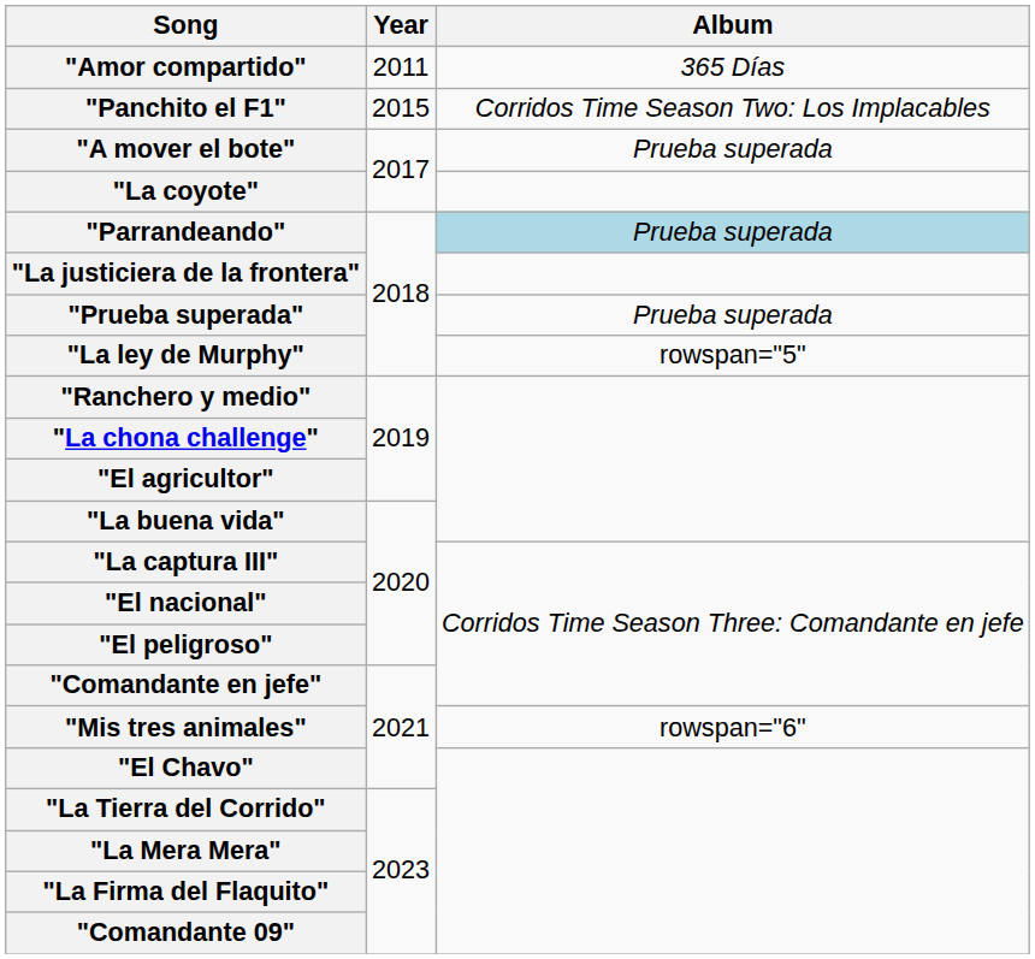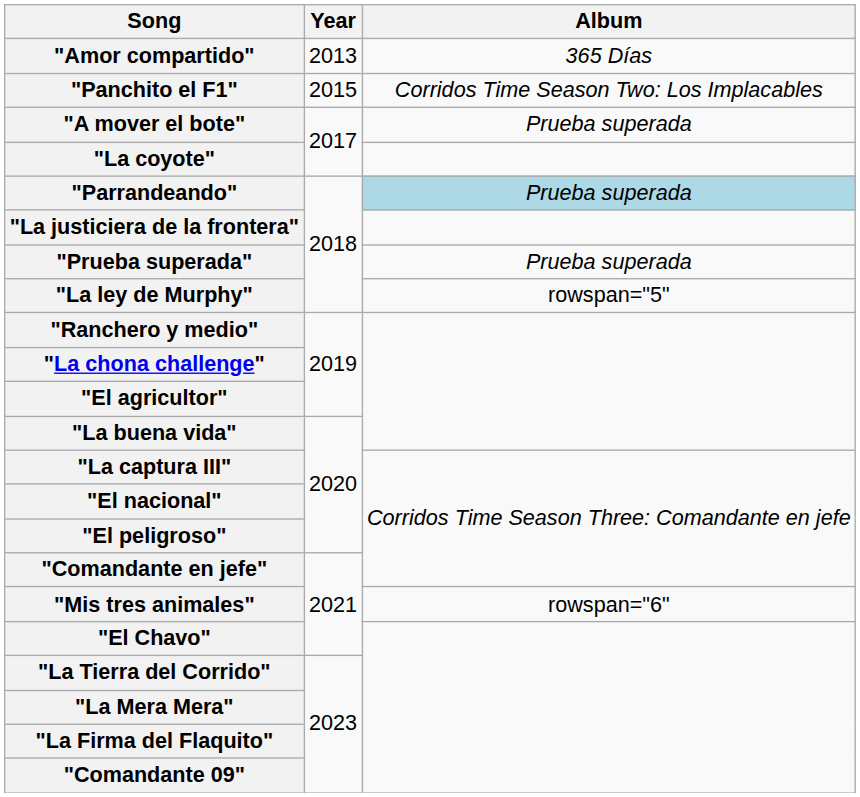 <table class="wikitable plainrowheaders" style="text-align:center;">
 <tr>
 <th scope="col">Song</th>
 <th scope="col">Year</th>
 <th scope="col">Album</th>
 </tr>
 <tr>
 <th scope="row">"Amor compartido"</th>
-<td>2011</td>
+<td>2013</td>
 <td><em>365 Días</em></td>
 </tr>
 <tr>
 <th scope="row">"Panchito el F1"</th>
 <td>2015</td>
 <td><em>Corridos Time Season Two: Los Implacables</em></td>
 </tr>
 <tr>
 <th scope="row">"A mover el bote"</th>
 <td rowspan="2">2017</td>
 <td><em>Prueba superada</em></td>
 </tr>
 <tr>
 <th scope="row">"La coyote"</th>
 <td></td>
 </tr>
 <tr>
 <th scope="row">"Parrandeando"</th>
 <td rowspan="4">2018</td>
 <td style="background: lightblue;"><em>Prueba superada</em></td>
 </tr>
 <tr>
 <th scope="row">"La justiciera de la frontera"</th>
 <td></td>
 </tr>
 <tr>
 <th scope="row">"Prueba superada"</th>
 <td><em>Prueba superada</em></td>
 </tr>
 <tr>
 <th scope="row">"La ley de Murphy"</th>
 <td>rowspan="5" </td>
 </tr>
 <tr>
 <th scope="row">"Ranchero y medio"</th>
 <td rowspan="3">2019</td>
 </tr>
 <tr>
 <th scope="row">"<a href='#'>La chona challenge</a>"</th>
 </tr>
 <tr>
 <th scope="row">"El agricultor"<br></th>
 </tr>
 <tr>
 <th scope="row">"La buena vida"</th>
 <td rowspan="4">2020</td>
 </tr>
 <tr>
 <th scope="row">"La captura III"</th>
 <td rowspan="4"><em>Corridos Time Season Three: Comandante en jefe</em></td>
 </tr>
 <tr>
 <th scope="row">"El nacional"</th>
 </tr>
 <tr>
 <th scope="row">"El peligroso"</th>
 </tr>
 <tr>
 <th scope="row">"Comandante en jefe"</th>
 <td rowspan="3">2021</td>
 </tr>
 <tr>
 <th scope="row">"Mis tres animales"<br></th>
 <td>rowspan="6" </td>
 </tr>
 <tr>
 <th scope="row">"El Chavo"<br></th>
 </tr>
 <tr>
 <th scope="row">"La Tierra del Corrido"<br></th>
 <td rowspan="4">2023</td>
 </tr>
 <tr>
 <th scope="row">"La Mera Mera"<br></th>
 </tr>
 <tr>
 <th scope="row">"La Firma del Flaquito"</th>
 </tr>
 <tr>
 <th scope="row">"Comandante 09"</th>
 </tr>
 </table>
